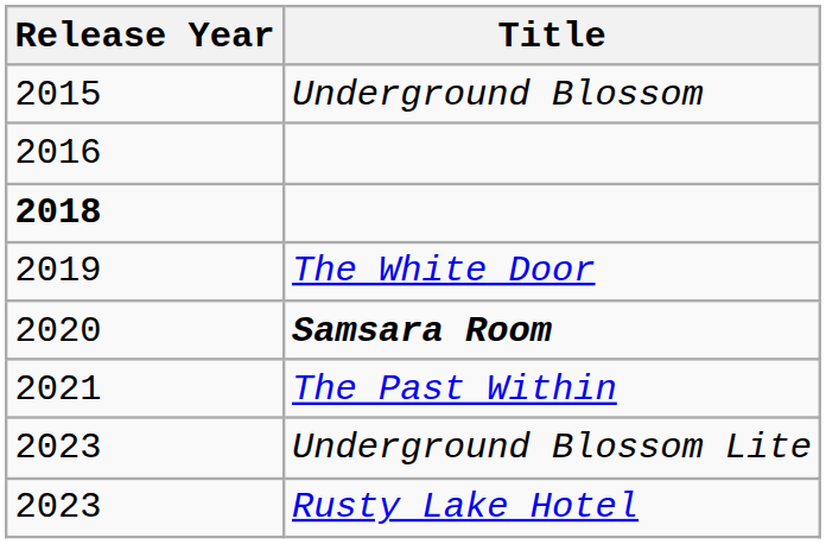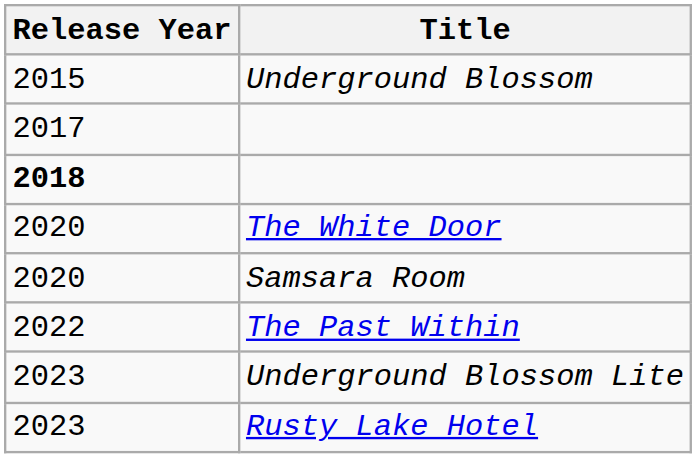 <table class="wikitable sortable">
 <tr>
 <th>Release Year</th>
 <th>Title</th>
 </tr>
 <tr>
 <td>2015</td>
 <td><em>Underground Blossom</em></td>
 </tr>
 <tr>
-<td>2016</td>
+<td>2017</td>
 <td><em></em></td>
 </tr>
 <tr>
 <td><strong>2018</strong></td>
 <td><em></em></td>
 </tr>
 <tr>
-<td>2019</td>
+<td>2020</td>
 <td><em><a href='#'>The White Door</a></em></td>
 </tr>
 <tr>
 <td>2020</td>
-<td><strong><em>Samsara Room</em></strong></td>
+<td><em>Samsara Room</em></td>
 </tr>
 <tr>
-<td>2021</td>
+<td>2022</td>
 <td><em><a href='#'>The Past Within</a></em></td>
 </tr>
 <tr>
 <td>2023</td>
 <td><em>Underground Blossom Lite</em></td>
 </tr>
 <tr>
 <td>2023</td>
 <td><em><a href='#'>Rusty Lake Hotel</a></em></td>
 </tr>
 </table>
